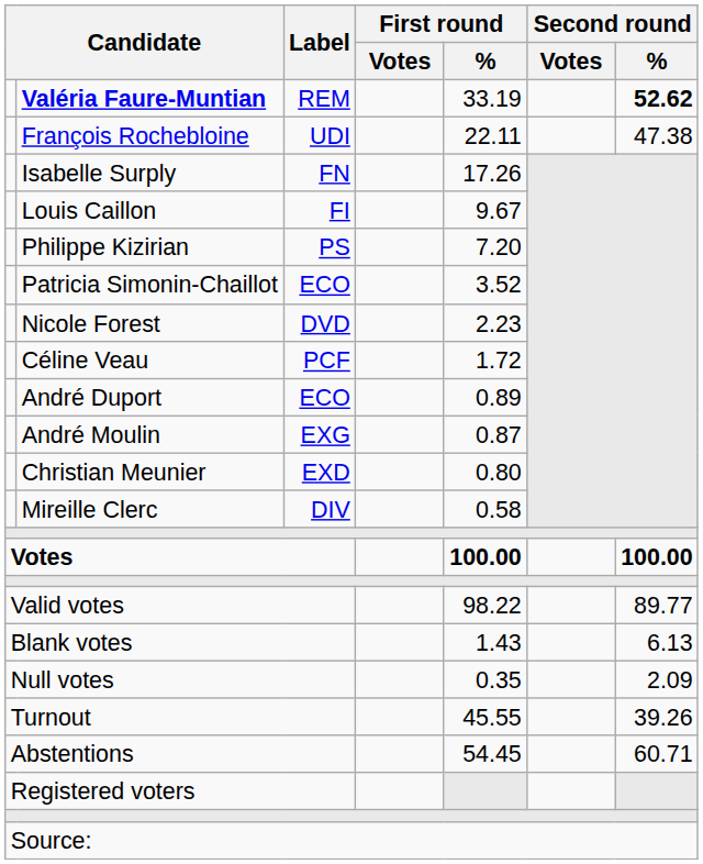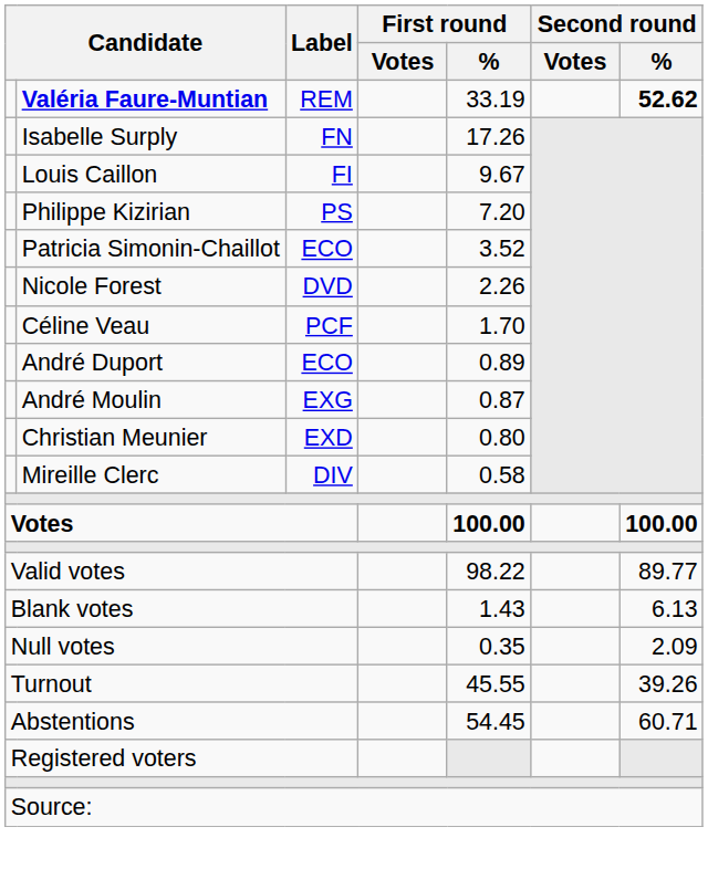 <table class="wikitable" style="text-align:right;font-size:95%;">
 <tr>
 <th rowspan="2" colspan="2">Candidate</th>
 <th rowspan="2">Label</th>
 <th colspan="2">First round</th>
 <th colspan="2">Second round</th>
 </tr>
 <tr>
 <th style="width:50px;">Votes</th>
 <th style="width:45px;">%</th>
 <th style="width:50px;">Votes</th>
 <th style="width:45px;">%</th>
 </tr>
 <tr>
 <td style="color:inherit;background:"></td>
 <td style="text-align:left;"><strong><a href='#'>Valéria Faure-Muntian</a></strong></td>
 <td><a href='#'>REM</a></td>
 <td></td>
 <td>33.19</td>
 <td><strong></strong></td>
 <td><strong>52.62</strong></td>
-</tr>
-<tr>
-<td style="color:inherit;background:"></td>
-<td style="text-align:left;"><a href='#'>François Rochebloine</a></td>
-<td><a href='#'>UDI</a></td>
-<td></td>
-<td>22.11</td>
-<td></td>
-<td>47.38</td>
 </tr>
 <tr>
 <td style="color:inherit;background:"></td>
 <td style="text-align:left;">Isabelle Surply</td>
 <td><a href='#'>FN</a></td>
 <td></td>
 <td>17.26</td>
 <td colspan="2" rowspan="10" style="background:#E9E9E9;"></td>
 </tr>
 <tr>
 <td style="color:inherit;background:"></td>
 <td style="text-align:left;">Louis Caillon</td>
 <td><a href='#'>FI</a></td>
 <td></td>
 <td>9.67</td>
 </tr>
 <tr>
 <td style="color:inherit;background:"></td>
 <td style="text-align:left;">Philippe Kizirian</td>
 <td><a href='#'>PS</a></td>
 <td></td>
 <td>7.20</td>
 </tr>
 <tr>
 <td style="color:inherit;background:"></td>
 <td style="text-align:left;">Patricia Simonin-Chaillot</td>
 <td><a href='#'>ECO</a></td>
 <td></td>
 <td>3.52</td>
 </tr>
 <tr>
 <td style="color:inherit;background:"></td>
 <td style="text-align:left;">Nicole Forest</td>
 <td><a href='#'>DVD</a></td>
 <td></td>
-<td>2.23</td>
+<td>2.26</td>
 </tr>
 <tr>
 <td style="color:inherit;background:"></td>
 <td style="text-align:left;">Céline Veau</td>
 <td><a href='#'>PCF</a></td>
 <td></td>
-<td>1.72</td>
+<td>1.70</td>
 </tr>
 <tr>
 <td style="color:inherit;background:"></td>
 <td style="text-align:left;">André Duport</td>
 <td><a href='#'>ECO</a></td>
 <td></td>
 <td>0.89</td>
 </tr>
 <tr>
 <td style="color:inherit;background:"></td>
 <td style="text-align:left;">André Moulin</td>
 <td><a href='#'>EXG</a></td>
 <td></td>
 <td>0.87</td>
 </tr>
 <tr>
 <td style="color:inherit;background:"></td>
 <td style="text-align:left;">Christian Meunier</td>
 <td><a href='#'>EXD</a></td>
 <td></td>
 <td>0.80</td>
 </tr>
 <tr>
 <td style="color:inherit;background:"></td>
 <td style="text-align:left;">Mireille Clerc</td>
 <td><a href='#'>DIV</a></td>
 <td></td>
 <td>0.58</td>
 </tr>
 <tr>
 <td colspan="7" style="background:#E9E9E9;"></td>
 </tr>
 <tr style="font-weight:bold;">
 <td colspan="3" style="text-align:left;">Votes</td>
 <td></td>
 <td>100.00</td>
 <td></td>
 <td>100.00</td>
 </tr>
 <tr>
 <td colspan="7" style="background:#E9E9E9;"></td>
 </tr>
 <tr>
 <td colspan="3" style="text-align:left;">Valid votes</td>
 <td></td>
 <td>98.22</td>
 <td></td>
 <td>89.77</td>
 </tr>
 <tr>
 <td colspan="3" style="text-align:left;">Blank votes</td>
 <td></td>
 <td>1.43</td>
 <td></td>
 <td>6.13</td>
 </tr>
 <tr>
 <td colspan="3" style="text-align:left;">Null votes</td>
 <td></td>
 <td>0.35</td>
 <td></td>
 <td>2.09</td>
 </tr>
 <tr>
 <td colspan="3" style="text-align:left;">Turnout</td>
 <td></td>
 <td>45.55</td>
 <td></td>
 <td>39.26</td>
 </tr>
 <tr>
 <td colspan="3" style="text-align:left;">Abstentions</td>
 <td></td>
 <td>54.45</td>
 <td></td>
 <td>60.71</td>
 </tr>
 <tr>
 <td colspan="3" style="text-align:left;">Registered voters</td>
 <td></td>
 <td style="color:inherit;background:#E9E9E9;"></td>
 <td></td>
 <td style="color:inherit;background:#E9E9E9;"></td>
 </tr>
 <tr>
 <td colspan="7" style="background:#E9E9E9;"></td>
 </tr>
 <tr>
 <td colspan="7" style="text-align:left;">Source: </td>
 </tr>
 </table>
